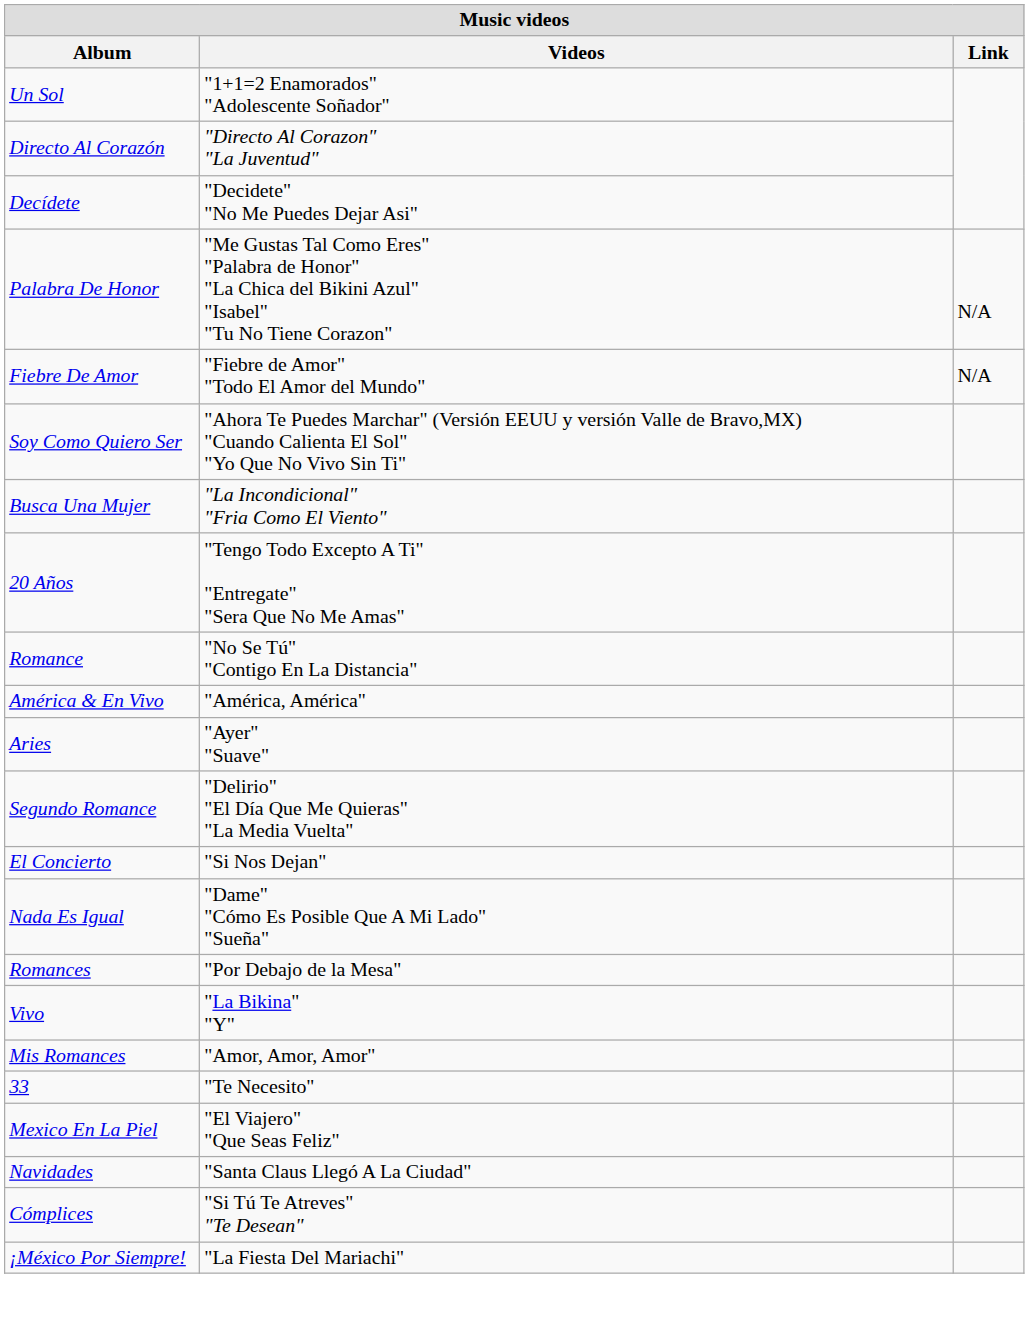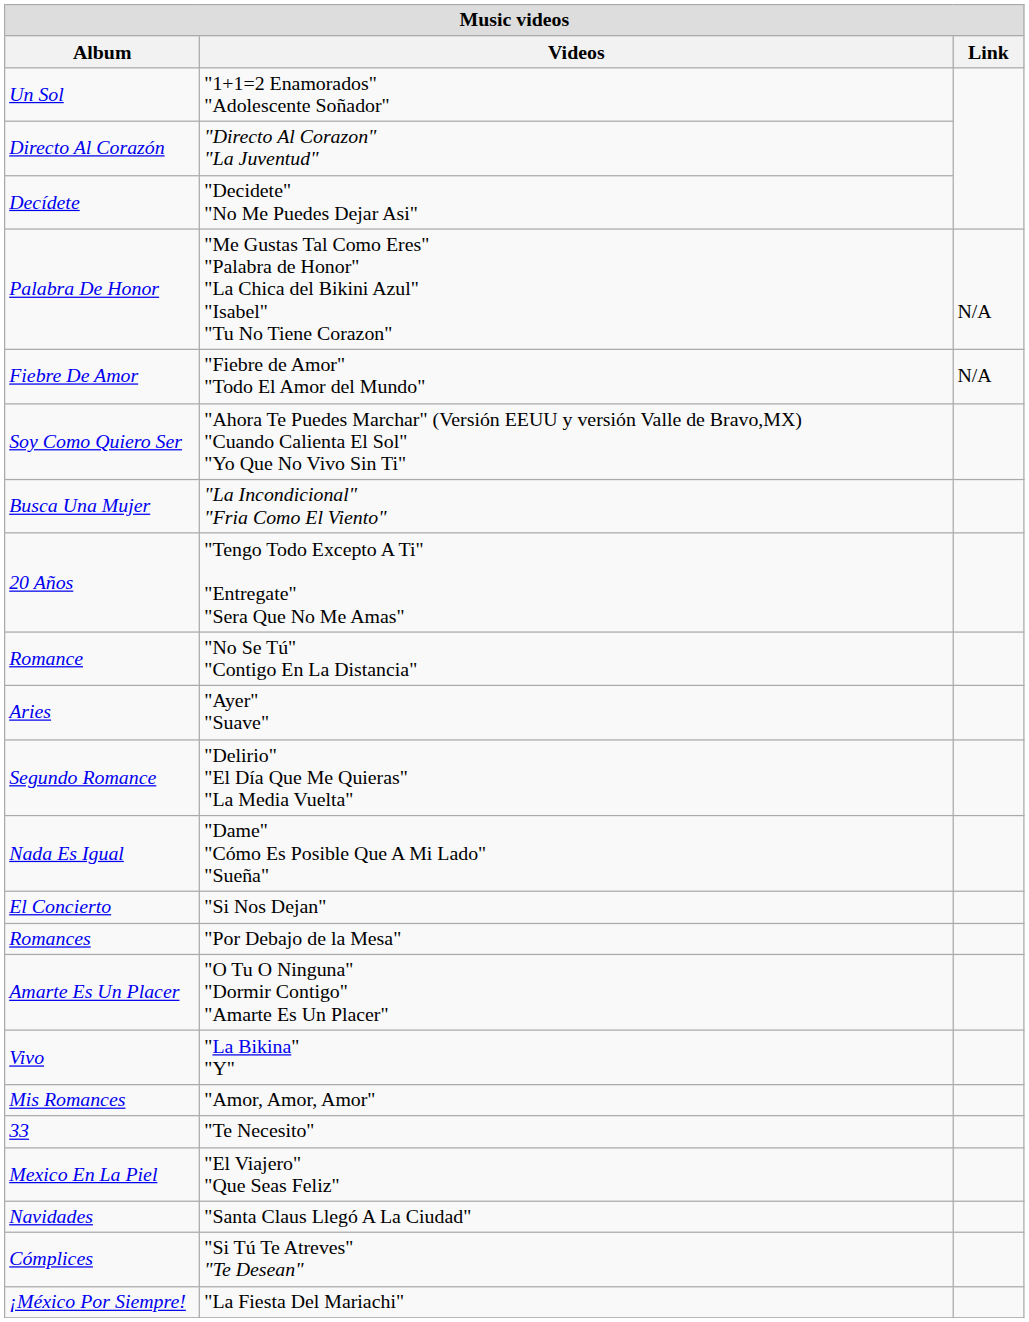 <table class="wikitable">
 <tr bgcolor="#DDDDDD">
 <td colspan=3 align=center><strong>Music videos</strong></td>
 </tr>
 <tr bgcolor="#CCCCCC">
 <th width="150">Album</th>
 <th width="600">Videos</th>
 <th width="50">Link</th>
 </tr>
 <tr>
 <td><em><a href='#'>Un Sol</a></em></td>
 <td>"1+1=2 Enamorados"<br>"Adolescente Soñador"</td>
 </tr>
 <tr>
 <td><em><a href='#'>Directo Al Corazón</a></em></td>
 <td><em>"Directo Al Corazon"</em><br><em>"La Juventud"</em></td>
 </tr>
 <tr>
 <td><em><a href='#'>Decídete</a></em></td>
 <td>"Decidete"<br>"No Me Puedes Dejar Asi"</td>
 </tr>
 <tr>
 <td><em><a href='#'>Palabra De Honor</a></em></td>
 <td>"Me Gustas Tal Como Eres"<br>"Palabra de Honor"<br>"La Chica del Bikini Azul"<br>"Isabel"<br>"Tu No Tiene Corazon"</td>
 <td><br><br>N/A</td>
 </tr>
 <tr>
 <td><em><a href='#'>Fiebre De Amor</a></em></td>
 <td>"Fiebre de Amor"<br>"Todo El Amor del Mundo"</td>
 <td>N/A<br></td>
 </tr>
 <tr>
 <td><em><a href='#'>Soy Como Quiero Ser</a></em></td>
 <td>"Ahora Te Puedes Marchar" (Versión EEUU y versión Valle de Bravo,MX)<br>"Cuando Calienta El Sol"<br>"Yo Que No Vivo Sin Ti"</td>
 <td><br><br></td>
 </tr>
 <tr>
 <td><em><a href='#'>Busca Una Mujer</a></em></td>
 <td><em>"La Incondicional"</em><br><em>"Fria Como El Viento"</em></td>
 <td><br></td>
 </tr>
 <tr>
 <td><em><a href='#'>20 Años</a></em></td>
 <td>"Tengo Todo Excepto A Ti"<br><br>"Entregate" <br>"Sera Que No Me Amas"</td>
 <td><br><br></td>
 </tr>
 <tr>
 <td><em><a href='#'>Romance</a></em></td>
 <td>"No Se Tú"<br>"Contigo En La Distancia"</td>
 <td><br></td>
 </tr>
 <tr>
-<td><em><a href='#'>América & En Vivo</a></em></td>
-<td>"América, América"</td>
-<td></td>
-</tr>
-<tr>
 <td><em><a href='#'>Aries</a></em></td>
 <td>"Ayer"<br>"Suave"</td>
 <td><br></td>
 </tr>
 <tr>
 <td><em><a href='#'>Segundo Romance</a></em></td>
 <td>"Delirio"<br>"El Día Que Me Quieras"<br>"La Media Vuelta"</td>
 <td><br><br></td>
 </tr>
 <tr>
+<td><em><a href='#'>Nada Es Igual</a></em></td>
+<td>"Dame"<br>"Cómo Es Posible Que A Mi Lado"<br>"Sueña"</td>
+<td><br><br></td>
+</tr>
+<tr>
 <td><em><a href='#'>El Concierto</a></em></td>
 <td>"Si Nos Dejan"</td>
 <td></td>
 </tr>
 <tr>
-<td><em><a href='#'>Nada Es Igual</a></em></td>
-<td>"Dame"<br>"Cómo Es Posible Que A Mi Lado"<br>"Sueña"</td>
-<td><br><br></td>
-</tr>
-<tr>
 <td><em><a href='#'>Romances</a></em></td>
 <td>"Por Debajo de la Mesa"</td>
 <td></td>
+</tr>
+<tr>
+<td><em><a href='#'>Amarte Es Un Placer</a></em></td>
+<td>"O Tu O Ninguna"<br>"Dormir Contigo"<br>"Amarte Es Un Placer"</td>
+<td><br><br></td>
 </tr>
 <tr>
 <td><em><a href='#'>Vivo</a></em></td>
 <td>"<a href='#'>La Bikina</a>"<br>"Y"</td>
 <td><br></td>
 </tr>
 <tr>
 <td><em><a href='#'>Mis Romances</a></em></td>
 <td>"Amor, Amor, Amor"</td>
 <td></td>
 </tr>
 <tr>
 <td><em><a href='#'>33</a></em></td>
 <td>"Te Necesito"</td>
 <td></td>
 </tr>
 <tr>
 <td><em><a href='#'>Mexico En La Piel</a></em></td>
 <td>"El Viajero"<br>"Que Seas Feliz"</td>
 <td><br></td>
 </tr>
 <tr>
 <td><em><a href='#'>Navidades</a></em></td>
 <td>"Santa Claus Llegó A La Ciudad"</td>
 <td></td>
 </tr>
 <tr>
 <td><em><a href='#'>Cómplices</a></em></td>
 <td>"Si Tú Te Atreves"<br><em>"Te Desean"</em></td>
 <td><br></td>
 </tr>
 <tr>
 <td><em><a href='#'>¡México Por Siempre!</a></em></td>
 <td>"La Fiesta Del Mariachi"</td>
 <td></td>
 </tr>
 </table>
